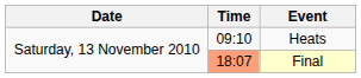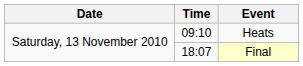 <table class = "wikitable" style="text-align:center;">
 <tr>
 <th width=220>Date</th>
 <th width=50>Time</th>
 <th width=100>Event</th>
 </tr>
 <tr>
 <td rowspan=2>Saturday, 13 November 2010</td>
 <td>09:10</td>
 <td>Heats</td>
 </tr>
 <tr>
-<td style="background: lightsalmon;">18:07</td>
+<td>18:07</td>
 <td bgcolor=ffffcc>Final</td>
 </tr>
 </table>
